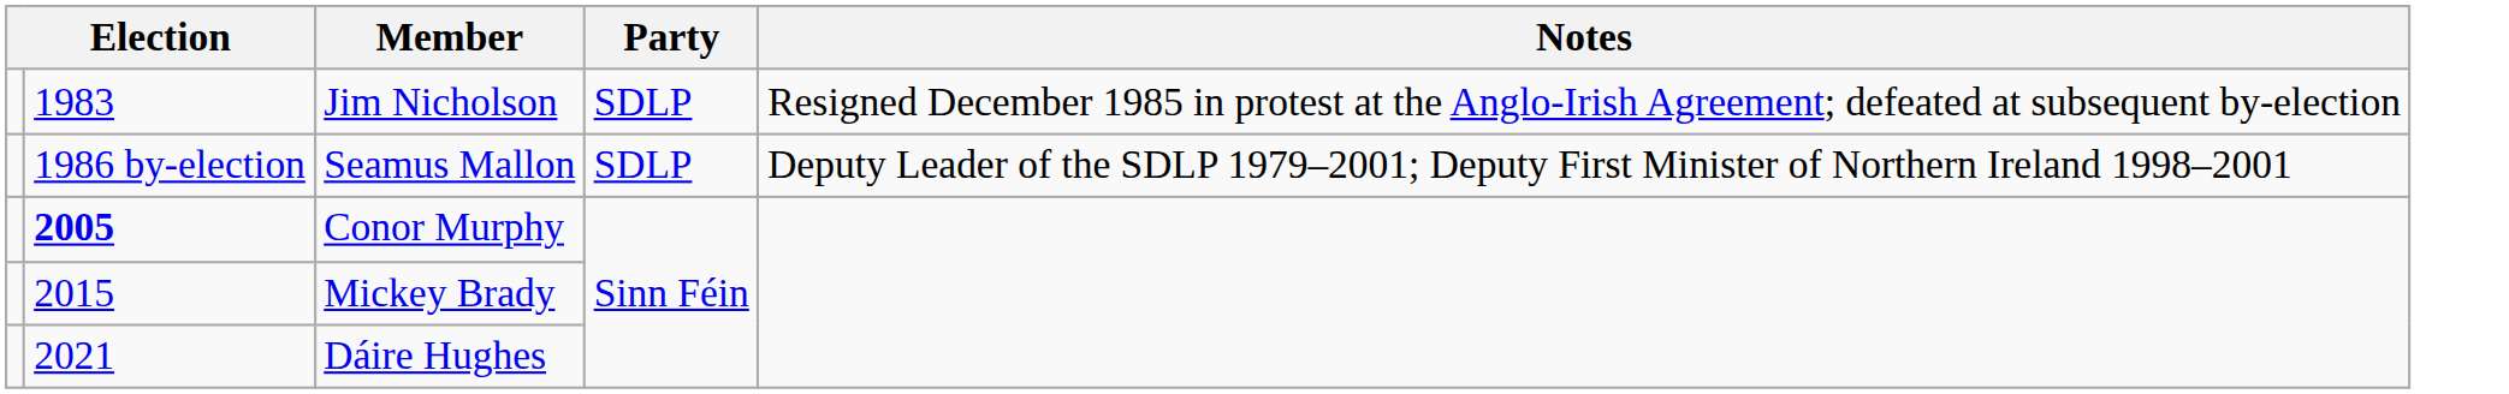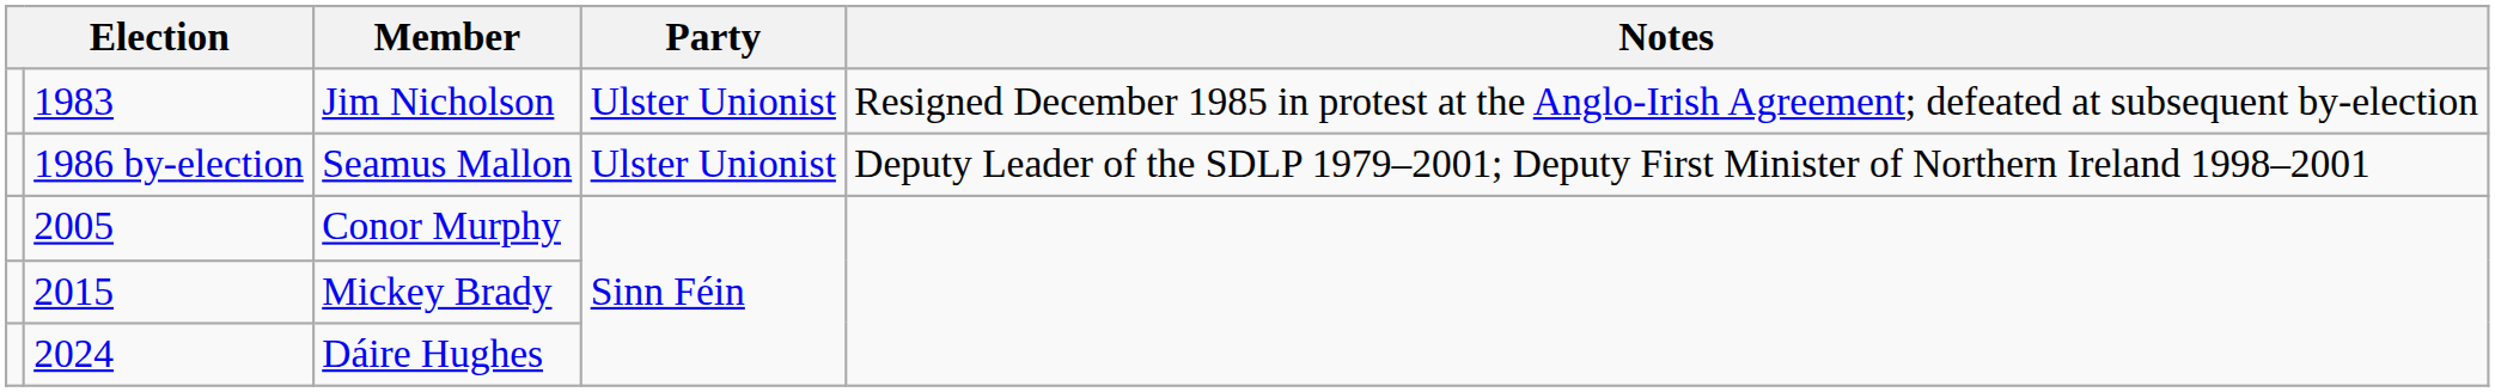 <table class="wikitable">
 <tr>
 <th colspan="2">Election</th>
 <th>Member</th>
 <th>Party</th>
 <th>Notes</th>
 </tr>
 <tr>
 <td style="color:inherit;background-color: "></td>
 <td><a href='#'>1983</a></td>
 <td><a href='#'>Jim Nicholson</a></td>
-<td><a href='#'>SDLP</a></td>
+<td><a href='#'>Ulster Unionist</a></td>
 <td>Resigned December 1985 in protest at the <a href='#'>Anglo-Irish Agreement</a>; defeated at subsequent by-election</td>
 </tr>
 <tr>
 <td style="color:inherit;background-color: "></td>
 <td><a href='#'>1986 by-election</a></td>
 <td><a href='#'>Seamus Mallon</a></td>
-<td><a href='#'>SDLP</a></td>
+<td><a href='#'>Ulster Unionist</a></td>
 <td>Deputy Leader of the SDLP 1979–2001; Deputy First Minister of Northern Ireland 1998–2001</td>
 </tr>
 <tr>
 <td style="color:inherit;background-color: "></td>
-<td><strong><a href='#'>2005</a></strong></td>
+<td><a href='#'>2005</a></td>
 <td><a href='#'>Conor Murphy</a></td>
 <td rowspan="3"><a href='#'>Sinn Féin</a></td>
 </tr>
 <tr>
 <td style="color:inherit;background-color: "></td>
 <td><a href='#'>2015</a></td>
 <td><a href='#'>Mickey Brady</a></td>
 </tr>
 <tr>
 <td style="color:inherit;background-color: "></td>
-<td><a href='#'>2021</a></td>
+<td><a href='#'>2024</a></td>
 <td><a href='#'>Dáire Hughes</a></td>
 </tr>
 </table>
